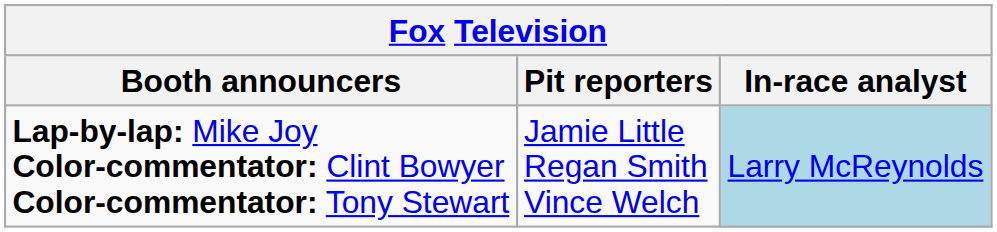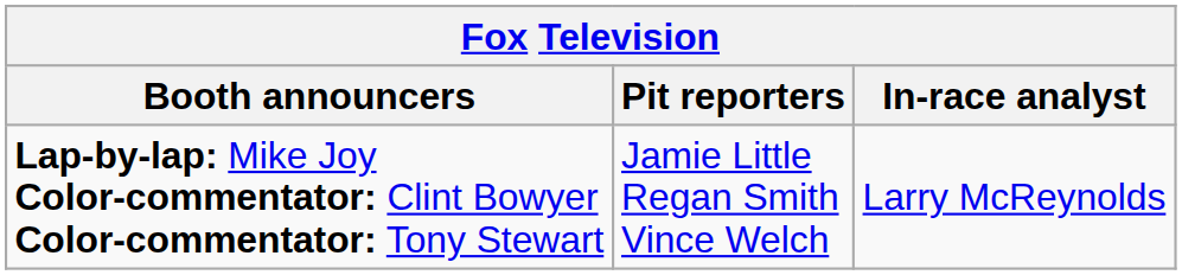 <table class="wikitable" style="font-size: 95%">
 <tr>
 <th colspan="3"><a href='#'>Fox</a> <a href='#'>Television</a></th>
 </tr>
 <tr>
 <th>Booth announcers</th>
 <th>Pit reporters</th>
 <th>In-race analyst</th>
 </tr>
 <tr>
 <td><strong>Lap-by-lap:</strong> <a href='#'>Mike Joy</a><br><strong>Color-commentator:</strong> <a href='#'>Clint Bowyer</a><br><strong>Color-commentator:</strong> <a href='#'>Tony Stewart</a></td>
 <td><a href='#'>Jamie Little</a><br><a href='#'>Regan Smith</a><br><a href='#'>Vince Welch</a></td>
-<td style="background: lightblue;"><a href='#'>Larry McReynolds</a></td>
+<td><a href='#'>Larry McReynolds</a></td>
 </tr>
 </table>
